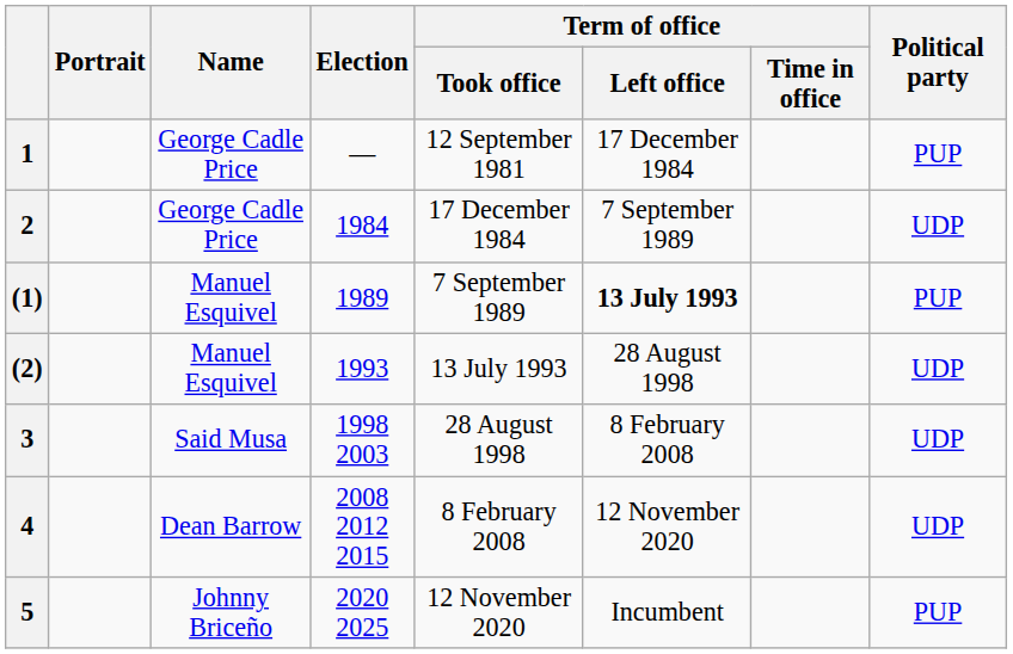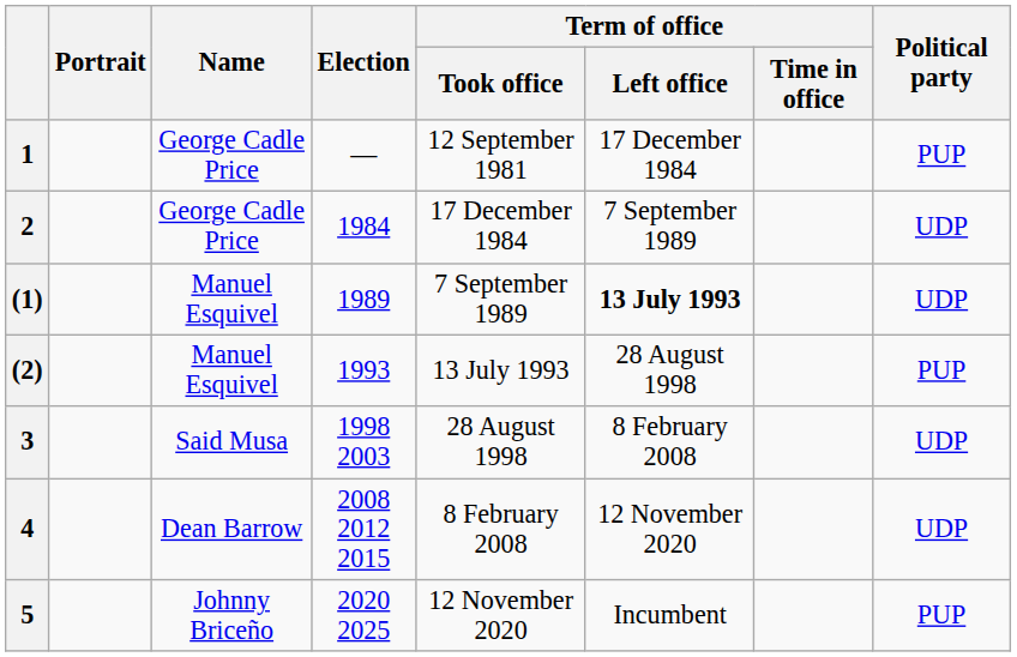 <table class=wikitable style=text-align:center>
 <tr>
 <th rowspan=2></th>
 <th rowspan=2>Portrait</th>
 <th rowspan=2>Name<br></th>
 <th rowspan=2>Election</th>
 <th colspan=3>Term of office</th>
 <th rowspan=2>Political party</th>
 </tr>
 <tr>
 <th>Took office</th>
 <th>Left office</th>
 <th>Time in office</th>
 </tr>
 <tr>
 <th style="background:">1</th>
 <td></td>
 <td><a href='#'>George Cadle Price</a><br></td>
 <td>—</td>
 <td>12 September 1981</td>
 <td>17 December 1984</td>
 <td></td>
 <td><a href='#'>PUP</a></td>
 </tr>
 <tr>
 <th style="background:">2</th>
 <td></td>
 <td><a href='#'>George Cadle Price</a><br></td>
 <td><a href='#'>1984</a></td>
 <td>17 December 1984</td>
 <td>7 September 1989</td>
 <td></td>
 <td><a href='#'>UDP</a></td>
 </tr>
 <tr>
 <th style="background:">(1)</th>
 <td></td>
 <td><a href='#'>Manuel Esquivel</a><br></td>
 <td><a href='#'>1989</a></td>
 <td>7 September 1989</td>
 <td><strong>13 July 1993</strong></td>
 <td></td>
-<td><a href='#'>PUP</a></td>
+<td><a href='#'>UDP</a></td>
 </tr>
 <tr>
 <th style="background:">(2)</th>
 <td></td>
 <td><a href='#'>Manuel Esquivel</a><br></td>
 <td><a href='#'>1993</a></td>
 <td>13 July 1993</td>
 <td>28 August 1998</td>
 <td></td>
-<td><a href='#'>UDP</a></td>
+<td><a href='#'>PUP</a></td>
 </tr>
 <tr>
 <th style="background:">3</th>
 <td></td>
 <td><a href='#'>Said Musa</a><br></td>
 <td><a href='#'>1998</a><br><a href='#'>2003</a></td>
 <td>28 August 1998</td>
 <td>8 February 2008</td>
 <td></td>
 <td><a href='#'>UDP</a></td>
 </tr>
 <tr>
 <th style="background:">4</th>
 <td></td>
 <td><a href='#'>Dean Barrow</a><br></td>
 <td><a href='#'>2008</a><br><a href='#'>2012</a><br><a href='#'>2015</a></td>
 <td>8 February 2008</td>
 <td>12 November 2020</td>
 <td></td>
 <td><a href='#'>UDP</a></td>
 </tr>
 <tr>
 <th style="background:">5</th>
 <td></td>
 <td><a href='#'>Johnny Briceño</a><br></td>
 <td><a href='#'>2020</a><br><a href='#'>2025</a></td>
 <td>12 November 2020</td>
 <td>Incumbent</td>
 <td></td>
 <td><a href='#'>PUP</a></td>
 </tr>
 </table>
